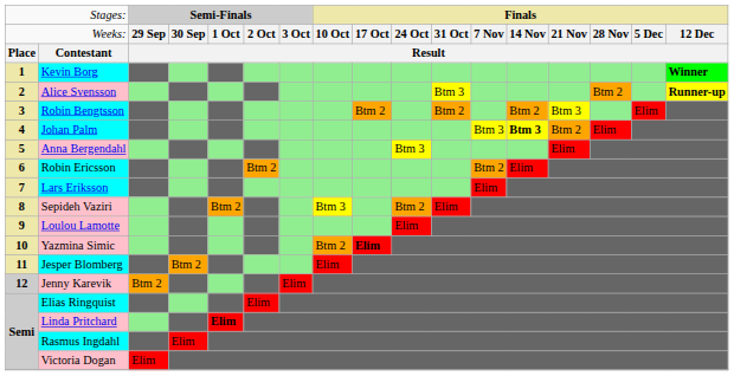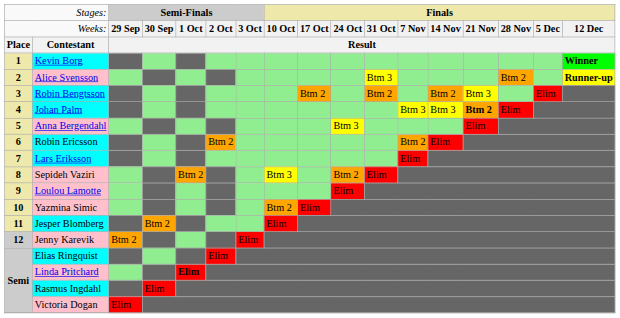 <table class="wikitable" align="center">
 <tr>
 <td colspan="2" align="right"><em>Stages:</em></td>
 <td colspan="5" bgcolor="CCCCCC" align="Center"><strong>Semi-Finals</strong></td>
 <td colspan="10" bgcolor="palegoldenrod" align="Center"><strong>Finals</strong></td>
 </tr>
 <tr>
 <td colspan="2" align="right"><em>Weeks:</em></td>
 <th>29 Sep</th>
 <th>30 Sep</th>
 <th>1 Oct</th>
 <th>2 Oct</th>
 <th>3 Oct</th>
 <th>10 Oct</th>
 <th>17 Oct</th>
 <th>24 Oct</th>
 <th>31 Oct</th>
 <th>7 Nov</th>
 <th>14 Nov</th>
 <th>21 Nov</th>
 <th>28 Nov</th>
 <th>5 Dec</th>
 <th>12 Dec</th>
 </tr>
 <tr>
 <th>Place</th>
 <th>Contestant</th>
 <th colspan="15" align="center">Result</th>
 </tr>
 <tr>
 <td align="center" bgcolor="palegoldenrod"><strong>1</strong></td>
 <td bgcolor="cyan"><a href='#'>Kevin Borg</a></td>
 <td style="background: #666666"></td>
 <td style="background: lightgreen"></td>
 <td style="background: #666666"></td>
 <td style="background: lightgreen"></td>
 <td style="background: lightgreen"></td>
 <td style="background: lightgreen"></td>
 <td style="background: lightgreen"></td>
 <td style="background: lightgreen"></td>
 <td style="background: lightgreen"></td>
 <td style="background: lightgreen"></td>
 <td style="background: lightgreen"></td>
 <td style="background: lightgreen"></td>
 <td style="background: lightgreen"></td>
 <td style="background: lightgreen"></td>
 <td style="background: Lime"><strong>Winner</strong></td>
 </tr>
 <tr>
 <td align="center" bgcolor="palegoldenrod"><strong>2</strong></td>
 <td bgcolor="pink"><a href='#'>Alice Svensson</a></td>
 <td style="background: lightgreen"></td>
 <td style="background: #666666"></td>
 <td style="background: lightgreen"></td>
 <td style="background: #666666"></td>
 <td style="background: lightgreen"></td>
 <td style="background: lightgreen"></td>
 <td style="background: lightgreen"></td>
 <td style="background: lightgreen"></td>
 <td style="background: yellow">Btm 3</td>
 <td style="background: lightgreen"></td>
 <td style="background: lightgreen"></td>
 <td style="background: lightgreen"></td>
 <td style="background: orange">Btm 2</td>
 <td style="background: lightgreen"></td>
 <td style="background: yellow"><strong>Runner-up</strong></td>
 </tr>
 <tr>
 <td align="center" bgcolor="palegoldenrod"><strong>3</strong></td>
 <td bgcolor="cyan"><a href='#'>Robin Bengtsson</a></td>
 <td style="background: #666666"></td>
 <td style="background: lightgreen"></td>
 <td style="background: #666666"></td>
 <td style="background: lightgreen"></td>
 <td style="background: lightgreen"></td>
 <td style="background: lightgreen"></td>
 <td style="background: orange">Btm 2</td>
 <td style="background: lightgreen"></td>
 <td style="background: orange">Btm 2</td>
 <td style="background: lightgreen"></td>
 <td style="background: orange">Btm 2</td>
 <td style="background: yellow">Btm 3</td>
 <td style="background: lightgreen"></td>
 <td style="background: red"><span>Elim</span></td>
 <td colspan="1" bgcolor="666666"></td>
 </tr>
 <tr>
 <td align="center" bgcolor="palegoldenrod"><strong>4</strong></td>
 <td bgcolor="cyan"><a href='#'>Johan Palm</a></td>
 <td style="background: #666666"></td>
 <td style="background: lightgreen"></td>
 <td style="background: #666666"></td>
 <td style="background: lightgreen"></td>
 <td style="background: lightgreen"></td>
 <td style="background: lightgreen"></td>
 <td style="background: lightgreen"></td>
 <td style="background: lightgreen"></td>
 <td style="background: lightgreen"></td>
 <td style="background: yellow">Btm 3</td>
-<td style="background: yellow"><strong>Btm 3</strong></td>
-<td style="background: orange">Btm 2</td>
+<td style="background: yellow">Btm 3</td>
+<td style="background: orange"><strong>Btm 2</strong></td>
 <td style="background: red"><span>Elim</span></td>
 <td colspan="2" bgcolor="666666"></td>
 </tr>
 <tr>
 <td align="center" bgcolor="palegoldenrod"><strong>5</strong></td>
 <td bgcolor="pink"><a href='#'>Anna Bergendahl</a></td>
 <td style="background: lightgreen"></td>
 <td style="background: #666666"></td>
 <td style="background: lightgreen"></td>
 <td style="background: #666666"></td>
 <td style="background: lightgreen"></td>
 <td style="background: lightgreen"></td>
 <td style="background: lightgreen"></td>
 <td style="background: yellow">Btm 3</td>
 <td style="background: lightgreen"></td>
 <td style="background: lightgreen"></td>
 <td style="background: lightgreen"></td>
 <td style="background: red"><span>Elim</span></td>
 <td colspan="3" bgcolor="666666"></td>
 </tr>
 <tr>
 <td align="center" bgcolor="palegoldenrod"><strong>6</strong></td>
 <td bgcolor="cyan">Robin Ericsson</td>
 <td style="background: #666666"></td>
 <td style="background: lightgreen"></td>
 <td style="background: #666666"></td>
 <td style="background: orange">Btm 2</td>
 <td style="background: lightgreen"></td>
 <td style="background: lightgreen"></td>
 <td style="background: lightgreen"></td>
 <td style="background: lightgreen"></td>
 <td style="background: lightgreen"></td>
 <td style="background: orange">Btm 2</td>
 <td style="background: red"><span>Elim</span></td>
 <td colspan="4" bgcolor="666666"></td>
 </tr>
 <tr>
 <td align="center" bgcolor="palegoldenrod"><strong>7</strong></td>
 <td bgcolor="cyan"><a href='#'>Lars Eriksson</a></td>
 <td style="background: #666666"></td>
 <td style="background: lightgreen"></td>
 <td style="background: #666666"></td>
 <td style="background: lightgreen"></td>
 <td style="background: lightgreen"></td>
 <td style="background: lightgreen"></td>
 <td style="background: lightgreen"></td>
 <td style="background: lightgreen"></td>
 <td style="background: lightgreen"></td>
 <td style="background: red"><span>Elim</span></td>
 <td colspan="5" bgcolor="666666"></td>
 </tr>
 <tr>
 <td align="center" bgcolor="palegoldenrod"><strong>8</strong></td>
 <td bgcolor="pink">Sepideh Vaziri</td>
 <td style="background: lightgreen"></td>
 <td style="background: #666666"></td>
 <td style="background: orange">Btm 2</td>
 <td style="background: #666666"></td>
 <td style="background: lightgreen"></td>
 <td style="background: yellow">Btm 3</td>
 <td style="background: lightgreen"></td>
 <td style="background: orange">Btm 2</td>
 <td style="background: red"><span>Elim</span></td>
 <td colspan="6" bgcolor="666666"></td>
 </tr>
 <tr>
 <td align="center" bgcolor="palegoldenrod"><strong>9</strong></td>
 <td bgcolor="pink"><a href='#'>Loulou Lamotte</a></td>
 <td style="background: lightgreen"></td>
 <td style="background: #666666"></td>
 <td style="background: lightgreen"></td>
 <td style="background: #666666"></td>
 <td style="background: lightgreen"></td>
 <td style="background: lightgreen"></td>
 <td style="background: lightgreen"></td>
 <td style="background: red"><span>Elim</span></td>
 <td colspan="7" bgcolor="666666"></td>
 </tr>
 <tr>
 <td align="center" bgcolor="palegoldenrod"><strong>10</strong></td>
 <td bgcolor="pink">Yazmina Simic</td>
 <td style="background: lightgreen"></td>
 <td style="background: #666666"></td>
 <td style="background: lightgreen"></td>
 <td style="background: #666666"></td>
 <td style="background: lightgreen"></td>
 <td style="background: orange">Btm 2</td>
-<td style="background: red"><strong><span>Elim</span></strong></td>
+<td style="background: red"><span>Elim</span></td>
 <td colspan="8" bgcolor="666666"></td>
 </tr>
 <tr>
 <td align="center" bgcolor="palegoldenrod"><strong>11</strong></td>
 <td bgcolor="cyan">Jesper Blomberg</td>
 <td style="background: #666666"></td>
 <td style="background: orange">Btm 2</td>
 <td style="background: #666666"></td>
 <td style="background: lightgreen"></td>
 <td style="background: lightgreen"></td>
 <td style="background: red"><span>Elim</span></td>
 <td colspan="9" bgcolor="666666"></td>
 </tr>
 <tr>
 <td bgcolor="CCCCCC" align="center"><strong>12</strong></td>
 <td bgcolor="pink">Jenny Karevik</td>
 <td style="background: orange">Btm 2</td>
 <td style="background: #666666"></td>
 <td style="background: lightgreen"></td>
 <td style="background: #666666"></td>
 <td style="background: red"><span>Elim</span></td>
 <td colspan="10" bgcolor="666666"></td>
 </tr>
 <tr>
 <td bgcolor="CCCCCC" align="center" rowspan="4"><strong>Semi</strong></td>
 <td bgcolor="cyan">Elias Ringquist</td>
 <td style="background: #666666"></td>
 <td style="background: lightgreen"></td>
 <td style="background: #666666"></td>
 <td style="background: red"><span>Elim</span></td>
 <td colspan="11" bgcolor="666666"></td>
 </tr>
 <tr>
 <td bgcolor="pink"><a href='#'>Linda Pritchard</a></td>
 <td style="background: lightgreen"></td>
 <td style="background: #666666"></td>
 <td style="background: red"><strong><span>Elim</span></strong></td>
 <td colspan="12" bgcolor="666666"></td>
 </tr>
 <tr>
 <td bgcolor="cyan">Rasmus Ingdahl</td>
 <td style="background: #666666"></td>
 <td style="background: red"><span>Elim</span></td>
 <td colspan="13" bgcolor="666666"></td>
 </tr>
 <tr>
 <td bgcolor="pink">Victoria Dogan</td>
 <td style="background: red"><span>Elim</span></td>
 <td colspan="14" bgcolor="666666"></td>
 </tr>
 <tr>
 </tr>
 </table>
